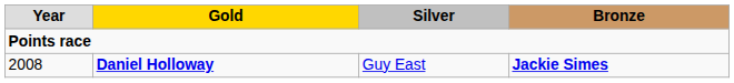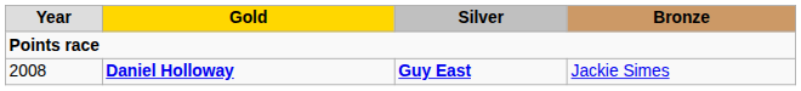 <table class="wikitable" style="width: 60%; text-align:left;">
 <tr>
 <td style="background:#DDDDDD; font-weight:bold; text-align:center;">Year</td>
 <td style="background:gold; font-weight:bold; text-align:center;">Gold</td>
 <td style="background:silver; font-weight:bold; text-align:center;">Silver</td>
 <td style="background:#cc9966; font-weight:bold; text-align:center;">Bronze</td>
 </tr>
 <tr>
 <td colspan=4><strong>Points race</strong></td>
 </tr>
 <tr>
 <td>2008</td>
 <td><strong><a href='#'>Daniel Holloway</a></strong></td>
-<td><a href='#'>Guy East</a></td>
-<td><strong><a href='#'>Jackie Simes</a></strong></td>
+<td><strong><a href='#'>Guy East</a></strong></td>
+<td><a href='#'>Jackie Simes</a></td>
 </tr>
 </table>
